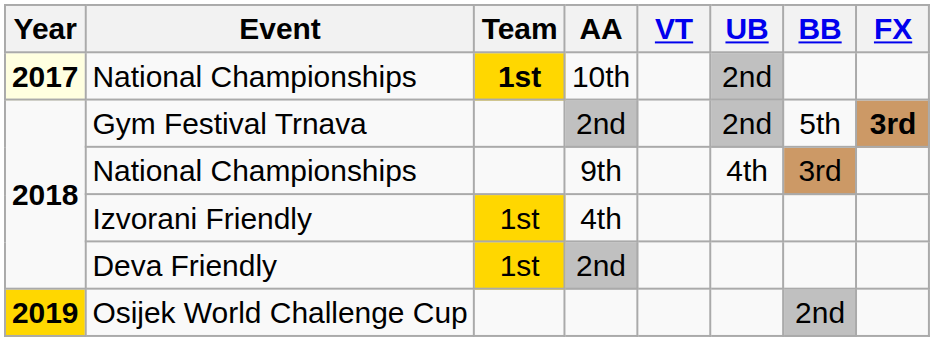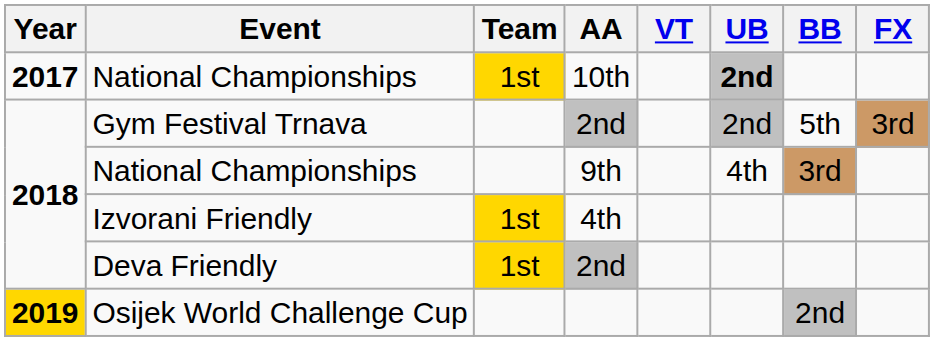 <table class="wikitable" style="text-align:center; font-size:95%;">
 <tr>
 <th>Year</th>
 <th>Event</th>
 <th style="width:30px;">Team</th>
 <th style="width:30px;">AA</th>
 <th style="width:30px;"><a href='#'>VT</a></th>
 <th style="width:30px;"><a href='#'>UB</a></th>
 <th style="width:30px;"><a href='#'>BB</a></th>
 <th style="width:30px;"><a href='#'>FX</a></th>
 </tr>
 <tr>
-<td rowspan="1" style="background: lightyellow;"><strong>2017</strong></td>
+<td rowspan="1"><strong>2017</strong></td>
 <td align=left>National Championships</td>
-<td style="background:gold;"><strong>1st</strong></td>
+<td style="background:gold;">1st</td>
 <td>10th</td>
 <td></td>
-<td style="background:silver;">2nd</td>
+<td style="background:silver;"><strong>2nd</strong></td>
 <td></td>
 <td></td>
 </tr>
 <tr>
 <td rowspan="4"><strong>2018</strong></td>
 <td align=left>Gym Festival Trnava</td>
 <td></td>
 <td style="background:silver;">2nd</td>
 <td></td>
 <td style="background:silver;">2nd</td>
 <td>5th</td>
-<td style="background:#c96;"><strong>3rd</strong></td>
+<td style="background:#c96;">3rd</td>
 </tr>
 <tr>
 <td align=left>National Championships</td>
 <td></td>
 <td>9th</td>
 <td></td>
 <td>4th</td>
 <td style="background:#c96;">3rd</td>
 <td></td>
 </tr>
 <tr>
 <td align=left>Izvorani Friendly</td>
 <td style="background:gold;">1st</td>
 <td>4th</td>
 <td></td>
 <td></td>
 <td></td>
 <td></td>
 </tr>
 <tr>
 <td align=left>Deva Friendly</td>
 <td style="background:gold;">1st</td>
 <td style="background:silver;">2nd</td>
 <td></td>
 <td></td>
 <td></td>
 <td></td>
 </tr>
 <tr>
 <td rowspan="1" style="background: gold;"><strong>2019</strong></td>
 <td align=left>Osijek World Challenge Cup</td>
 <td></td>
 <td></td>
 <td></td>
 <td></td>
 <td style="background:silver;">2nd</td>
 <td></td>
 </tr>
 </table>
